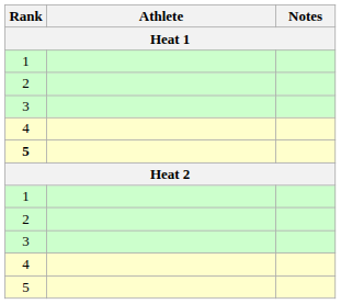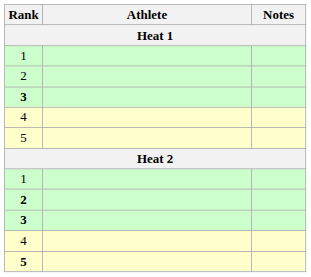 <table class=wikitable style="text-align:center">
 <tr>
 <th width=40>Rank</th>
 <th width=250>Athlete</th>
 <th width=60>Notes</th>
 </tr>
 <tr>
 <th colspan=3>Heat 1</th>
 </tr>
 <tr bgcolor="ccffcc">
 <td>1</td>
 <td align=left></td>
 <td></td>
 </tr>
 <tr bgcolor="ccffcc">
 <td>2</td>
 <td align=left></td>
 <td></td>
 </tr>
 <tr bgcolor="ccffcc">
-<td>3</td>
+<td><strong>3</strong></td>
+<td align=left></td>
+<td></td>
+</tr>
+<tr bgcolor="ffffcc">
+<td>4</td>
+<td align=left></td>
+<td></td>
+</tr>
+<tr bgcolor="ffffcc">
+<td>5</td>
+<td align=left></td>
+<td></td>
+</tr>
+<tr>
+<th colspan=3>Heat 2</th>
+</tr>
+<tr bgcolor="ccffcc">
+<td>1</td>
+<td align=left></td>
+<td></td>
+</tr>
+<tr bgcolor="ccffcc">
+<td><strong>2</strong></td>
+<td align=left></td>
+<td></td>
+</tr>
+<tr bgcolor="ccffcc">
+<td><strong>3</strong></td>
 <td align=left></td>
 <td></td>
 </tr>
 <tr bgcolor="ffffcc">
 <td>4</td>
 <td align=left></td>
 <td></td>
 </tr>
 <tr bgcolor="ffffcc">
 <td><strong>5</strong></td>
 <td align=left></td>
 <td></td>
 </tr>
-<tr>
-<th colspan=3>Heat 2</th>
-</tr>
-<tr bgcolor="ccffcc">
-<td>1</td>
-<td align=left></td>
-<td></td>
-</tr>
-<tr bgcolor="ccffcc">
-<td>2</td>
-<td align=left></td>
-<td></td>
-</tr>
-<tr bgcolor="ccffcc">
-<td>3</td>
-<td align=left></td>
-<td></td>
-</tr>
-<tr bgcolor="ffffcc">
-<td>4</td>
-<td align=left></td>
-<td></td>
-</tr>
-<tr bgcolor="ffffcc">
-<td>5</td>
-<td align=left></td>
-<td></td>
-</tr>
 </table>
